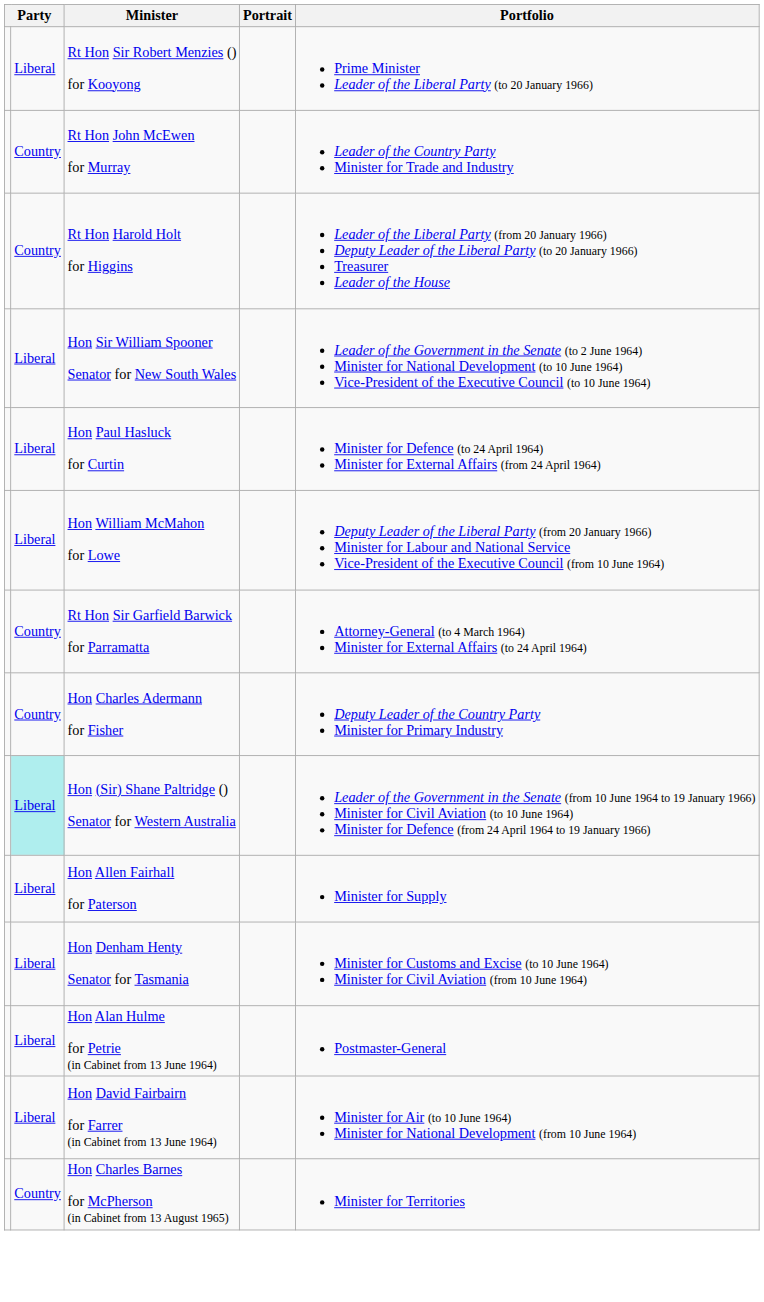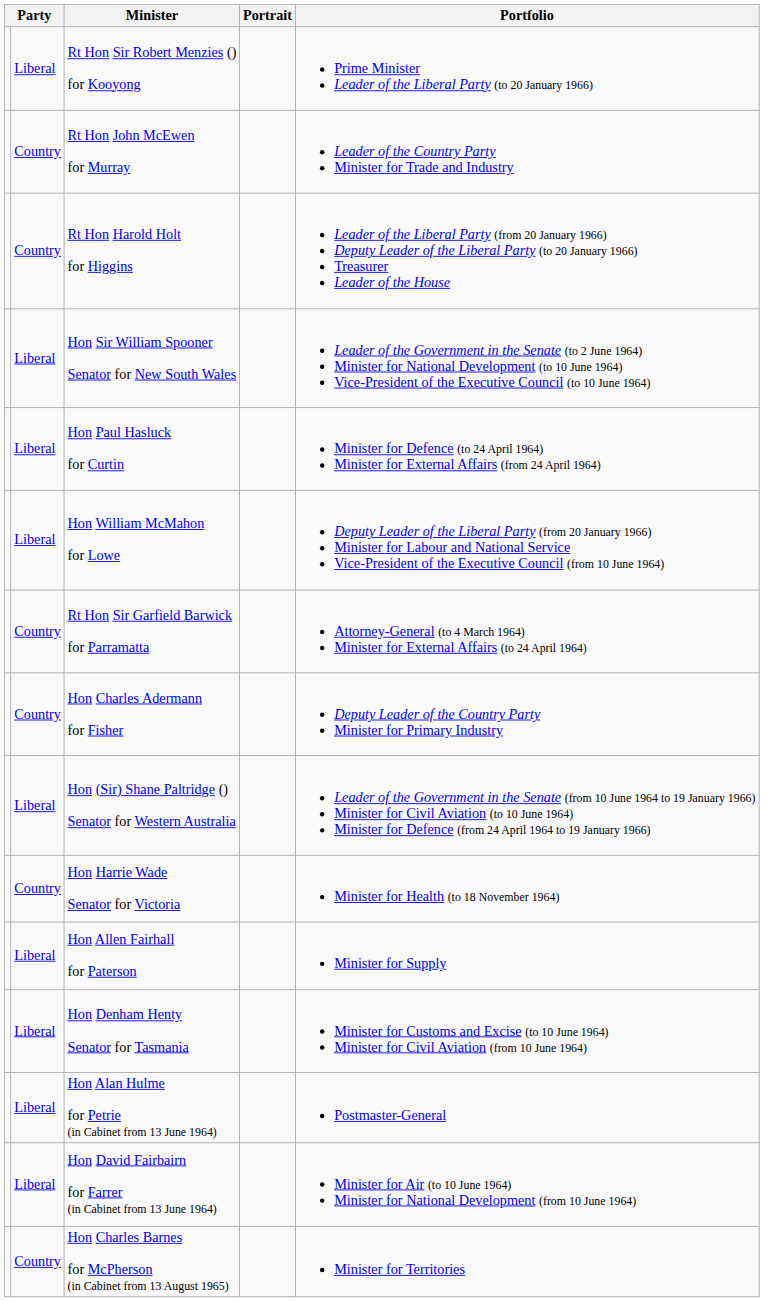 <table class="wikitable sortable">
 <tr>
 <th colspan="2">Party</th>
 <th>Minister</th>
 <th>Portrait</th>
 <th>Portfolio</th>
 </tr>
 <tr>
 <td></td>
 <td><a href='#'>Liberal</a></td>
 <td><a href='#'>Rt Hon</a> <a href='#'>Sir Robert Menzies</a>     () <br><br> for <a href='#'>Kooyong</a> <br></td>
 <td></td>
 <td><br><ul><li><a href='#'>Prime Minister</a></li><li><em><a href='#'>Leader of the Liberal Party</a></em> <small>(to 20 January 1966)</small></li></ul></td>
 </tr>
 <tr>
 <td></td>
 <td><a href='#'>Country</a></td>
 <td><a href='#'>Rt Hon</a> <a href='#'>John McEwen</a> <br><br> for <a href='#'>Murray</a> <br></td>
 <td></td>
 <td><br><ul><li><em><a href='#'>Leader of the Country Party</a></em></li><li><a href='#'>Minister for Trade and Industry</a></li></ul></td>
 </tr>
 <tr>
 <td></td>
 <td><a href='#'>Country</a></td>
 <td><a href='#'>Rt Hon</a> <a href='#'>Harold Holt</a> <br><br> for <a href='#'>Higgins</a> <br></td>
 <td></td>
 <td><br><ul><li><em><a href='#'>Leader of the Liberal Party</a></em> <small>(from 20 January 1966)</small></li><li><em><a href='#'>Deputy Leader of the Liberal Party</a></em> <small>(to 20 January 1966)</small></li><li><a href='#'>Treasurer</a></li><li><em><a href='#'>Leader of the House</a></em></li></ul></td>
 </tr>
 <tr>
 <td></td>
 <td><a href='#'>Liberal</a></td>
 <td><a href='#'>Hon</a> <a href='#'>Sir William Spooner</a>   <br><br><a href='#'>Senator</a> for <a href='#'>New South Wales</a> <br></td>
 <td></td>
 <td><br><ul><li><em><a href='#'>Leader of the Government in the Senate</a></em> <small>(to 2 June 1964)</small></li><li><a href='#'>Minister for National Development</a> <small>(to 10 June 1964)</small></li><li><a href='#'>Vice-President of the Executive Council</a> <small>(to 10 June 1964)</small></li></ul></td>
 </tr>
 <tr>
 <td></td>
 <td><a href='#'>Liberal</a></td>
 <td><a href='#'>Hon</a> <a href='#'>Paul Hasluck</a> <br><br> for <a href='#'>Curtin</a> <br></td>
 <td></td>
 <td><br><ul><li><a href='#'>Minister for Defence</a> <small>(to 24 April 1964)</small></li><li><a href='#'>Minister for External Affairs</a> <small>(from 24 April 1964)</small></li></ul></td>
 </tr>
 <tr>
 <td></td>
 <td><a href='#'>Liberal</a></td>
 <td><a href='#'>Hon</a> <a href='#'>William McMahon</a> <br><br> for <a href='#'>Lowe</a> <br></td>
 <td></td>
 <td><br><ul><li><em><a href='#'>Deputy Leader of the Liberal Party</a></em> <small>(from 20 January 1966)</small></li><li><a href='#'>Minister for Labour and National Service</a></li><li><a href='#'>Vice-President of the Executive Council</a> <small>(from 10 June 1964)</small></li></ul></td>
 </tr>
 <tr>
 <td></td>
 <td><a href='#'>Country</a></td>
 <td><a href='#'>Rt Hon</a> <a href='#'>Sir Garfield Barwick</a>  <br><br> for <a href='#'>Parramatta</a> <br></td>
 <td></td>
 <td><br><ul><li><a href='#'>Attorney-General</a> <small>(to 4 March 1964)</small></li><li><a href='#'>Minister for External Affairs</a> <small>(to 24 April 1964)</small></li></ul></td>
 </tr>
 <tr>
 <td></td>
 <td><a href='#'>Country</a></td>
 <td><a href='#'>Hon</a> <a href='#'>Charles Adermann</a> <br><br> for <a href='#'>Fisher</a> <br></td>
 <td></td>
 <td><br><ul><li><em><a href='#'>Deputy Leader of the Country Party</a></em></li><li><a href='#'>Minister for Primary Industry</a></li></ul></td>
 </tr>
 <tr>
 <td></td>
-<td style="background: paleturquoise;"><a href='#'>Liberal</a></td>
+<td><a href='#'>Liberal</a></td>
 <td><a href='#'>Hon</a> <a href='#'>(Sir) Shane Paltridge</a> () <br><br><a href='#'>Senator</a> for <a href='#'>Western Australia</a> <br></td>
 <td></td>
 <td><br><ul><li><em><a href='#'>Leader of the Government in the Senate</a></em> <small>(from 10 June 1964 to 19 January 1966)</small></li><li><a href='#'>Minister for Civil Aviation</a> <small>(to 10 June 1964)</small></li><li><a href='#'>Minister for Defence</a> <small>(from 24 April 1964 to 19 January 1966)</small></li></ul></td>
+</tr>
+<tr>
+<td></td>
+<td><a href='#'>Country</a></td>
+<td><a href='#'>Hon</a> <a href='#'>Harrie Wade</a>  <br><br><a href='#'>Senator</a> for <a href='#'>Victoria</a> <br></td>
+<td></td>
+<td><br><ul><li><a href='#'>Minister for Health</a> <small>(to 18 November 1964)</small></li></ul></td>
 </tr>
 <tr>
 <td></td>
 <td><a href='#'>Liberal</a></td>
 <td><a href='#'>Hon</a> <a href='#'>Allen Fairhall</a> <br><br> for <a href='#'>Paterson</a> <br></td>
 <td></td>
 <td><br><ul><li><a href='#'>Minister for Supply</a></li></ul></td>
 </tr>
 <tr>
 <td></td>
 <td><a href='#'>Liberal</a></td>
 <td><a href='#'>Hon</a> <a href='#'>Denham Henty</a> <br><br><a href='#'>Senator</a> for <a href='#'>Tasmania</a> <br></td>
 <td></td>
 <td><br><ul><li><a href='#'>Minister for Customs and Excise</a> <small>(to 10 June 1964)</small></li><li><a href='#'>Minister for Civil Aviation</a> <small>(from 10 June 1964)</small></li></ul></td>
 </tr>
 <tr>
 <td></td>
 <td><a href='#'>Liberal</a></td>
 <td><a href='#'>Hon</a> <a href='#'>Alan Hulme</a> <br><br> for <a href='#'>Petrie</a> <br> <small>(in Cabinet from 13 June 1964)</small></td>
 <td></td>
 <td><br><ul><li><a href='#'>Postmaster-General</a></li></ul></td>
 </tr>
 <tr>
 <td></td>
 <td><a href='#'>Liberal</a></td>
 <td><a href='#'>Hon</a> <a href='#'>David Fairbairn</a>  <br><br> for <a href='#'>Farrer</a> <br> <small>(in Cabinet from 13 June 1964)</small></td>
 <td></td>
 <td><br><ul><li><a href='#'>Minister for Air</a> <small>(to 10 June 1964)</small></li><li><a href='#'>Minister for National Development</a> <small>(from 10 June 1964)</small></li></ul></td>
 </tr>
 <tr>
 <td></td>
 <td><a href='#'>Country</a></td>
 <td><a href='#'>Hon</a> <a href='#'>Charles Barnes</a> <br><br> for <a href='#'>McPherson</a> <br> <small>(in Cabinet from 13 August 1965)</small></td>
 <td></td>
 <td><br><ul><li><a href='#'>Minister for Territories</a></li></ul></td>
 </tr>
 </table>
